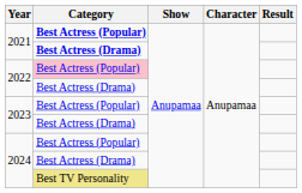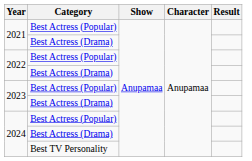 <table class="wikitable sortable">
 <tr>
 <th>Year</th>
 <th>Category</th>
 <th>Show</th>
 <th>Character</th>
 <th>Result</th>
 </tr>
 <tr>
 <td rowspan=2>2021</td>
-<td><strong><a href='#'>Best Actress (Popular)</a></strong></td>
+<td><a href='#'>Best Actress (Popular)</a></td>
 <td rowspan=9><a href='#'>Anupamaa</a></td>
 <td rowspan=9>Anupamaa</td>
 <td></td>
 </tr>
 <tr>
-<td><strong><a href='#'>Best Actress (Drama)</a></strong></td>
+<td><a href='#'>Best Actress (Drama)</a></td>
 <td></td>
 </tr>
 <tr>
 <td rowspan=2>2022</td>
-<td style="background: pink;"><a href='#'>Best Actress (Popular)</a></td>
+<td><a href='#'>Best Actress (Popular)</a></td>
 <td></td>
 </tr>
 <tr>
 <td><a href='#'>Best Actress (Drama)</a></td>
 <td></td>
 </tr>
 <tr>
 <td rowspan=2>2023</td>
 <td><a href='#'>Best Actress (Popular)</a></td>
 <td></td>
 </tr>
 <tr>
 <td><a href='#'>Best Actress (Drama)</a></td>
 <td></td>
 </tr>
 <tr>
 <td rowspan=3>2024</td>
 <td><a href='#'>Best Actress (Popular)</a></td>
 <td></td>
 </tr>
 <tr>
 <td><a href='#'>Best Actress (Drama)</a></td>
 <td></td>
 </tr>
 <tr>
-<td style="background: khaki;">Best TV Personality</td>
+<td>Best TV Personality</td>
 <td></td>
 </tr>
 </table>
